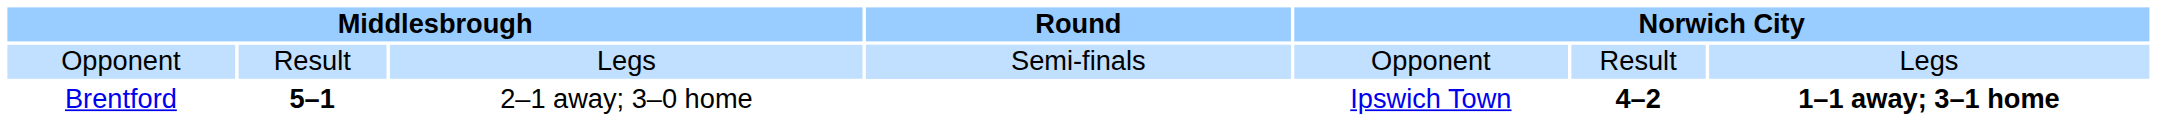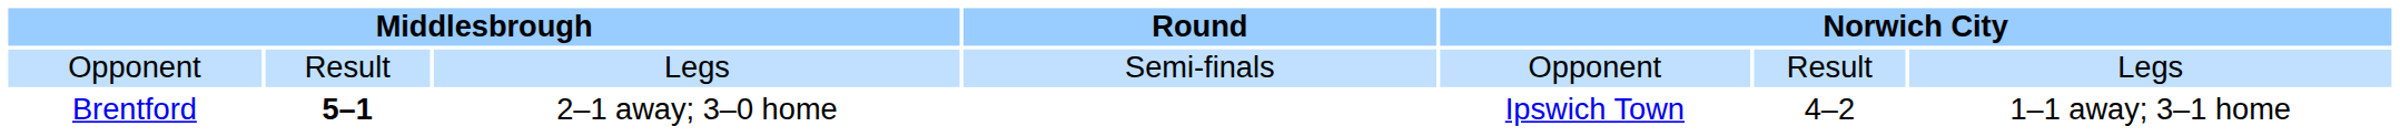 <table width="100%" bgcolor=white>
 <tr valign=top bgcolor=#99ccff>
 <th colspan=3 style="width:40%"><strong>Middlesbrough</strong></th>
 <th width=20%><strong>Round</strong></th>
 <th colspan=3 style="width:40%"><strong> Norwich City</strong></th>
 </tr>
 <tr valign=top align="center" bgcolor=#c1e0ff>
 <td>Opponent</td>
 <td>Result</td>
 <td>Legs</td>
 <td bgcolor=#c1e0ff>Semi-finals</td>
 <td>Opponent</td>
 <td>Result</td>
 <td>Legs</td>
 </tr>
 <tr align="center">
 <td><a href='#'>Brentford</a></td>
 <td><strong>5–1</strong></td>
 <td>2–1 away; 3–0 home</td>
 <td></td>
 <td><a href='#'>Ipswich Town</a></td>
-<td><strong>4–2</strong></td>
-<td><strong>1–1 away; 3–1 home</strong></td>
+<td>4–2</td>
+<td>1–1 away; 3–1 home</td>
 </tr>
 </table>
